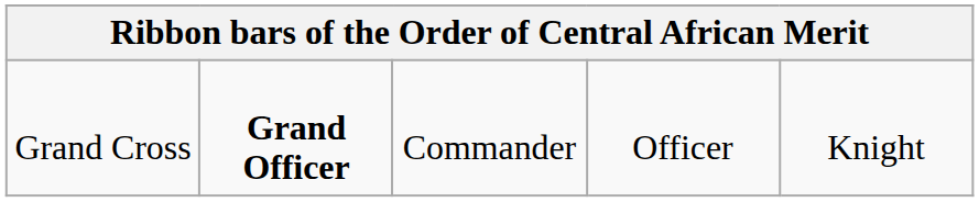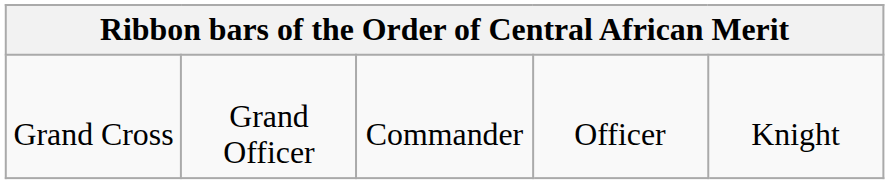 <table align=center class=wikitable width=50% style="margin-left: auto; margin-right: auto; border: none;">
 <tr>
 <th colspan=5>Ribbon bars of the Order of Central African Merit</th>
 </tr>
 <tr>
 <td width=20% valign=center align=center><br>Grand Cross</td>
-<td width=20% valign=center align=center><strong><br>Grand Officer</strong></td>
+<td width=20% valign=center align=center><br>Grand Officer</td>
 <td width=20% valign=center align=center><br>Commander</td>
 <td width=20% valign=center align=center><br>Officer</td>
 <td width=20% valign=center align=center><br>Knight</td>
 </tr>
 <tr>
 </tr>
 </table>
